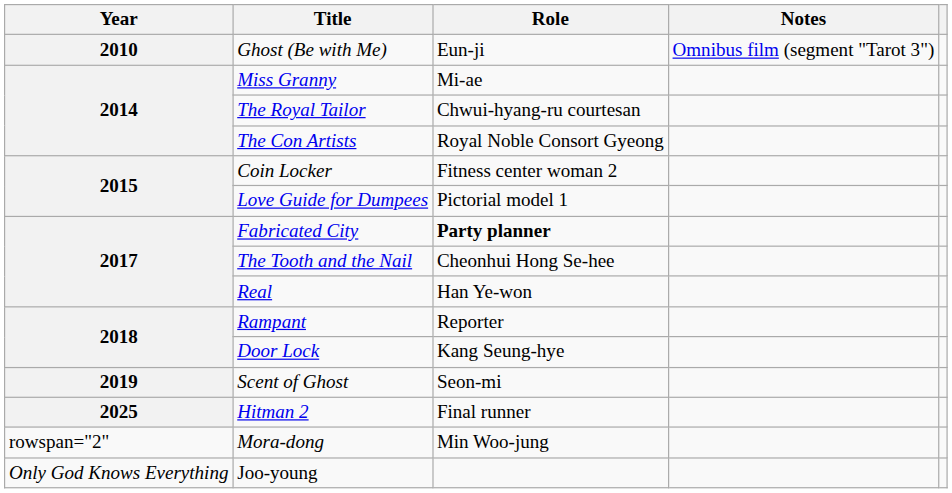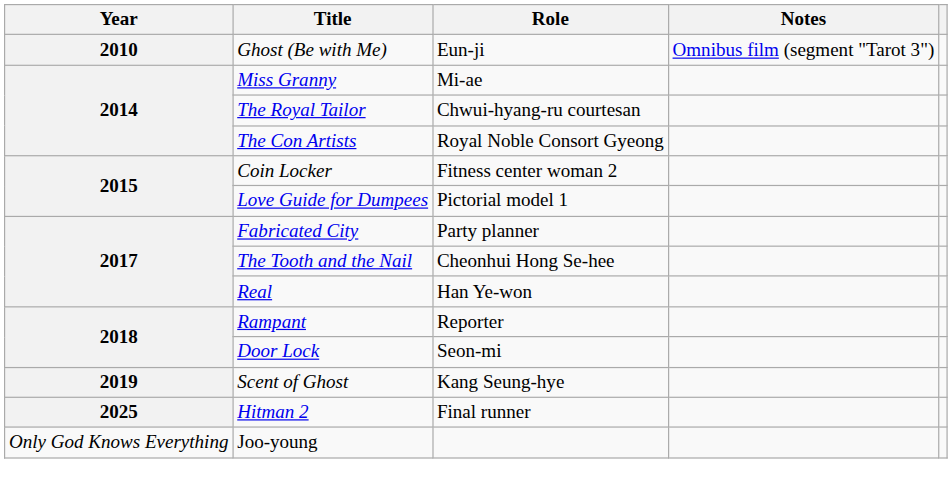 <table class="wikitable plainrowheaders sortable">
 <tr>
 <th scope="col">Year</th>
 <th scope="col">Title</th>
 <th scope="col">Role</th>
 <th scope="col">Notes</th>
 <th scope="col" class="unsortable"></th>
 </tr>
 <tr>
 <th scope="row">2010</th>
 <td><em>Ghost (Be with Me)</em></td>
 <td>Eun-ji</td>
 <td><a href='#'>Omnibus film</a> (segment "Tarot 3")</td>
 <td style="text-align:center"></td>
 </tr>
 <tr>
 <th scope="row" rowspan="3">2014</th>
 <td><em><a href='#'>Miss Granny</a></em></td>
 <td>Mi-ae</td>
 <td></td>
 <td style="text-align:center"></td>
 </tr>
 <tr>
 <td><em><a href='#'>The Royal Tailor</a></em></td>
 <td>Chwui-hyang-ru courtesan</td>
 <td></td>
 <td style="text-align:center"></td>
 </tr>
 <tr>
 <td><em><a href='#'>The Con Artists</a></em></td>
 <td>Royal Noble Consort Gyeong</td>
 <td></td>
 <td style="text-align:center"></td>
 </tr>
 <tr>
 <th scope="row" rowspan="2">2015</th>
 <td><em>Coin Locker</em></td>
 <td>Fitness center woman 2</td>
 <td></td>
 <td style="text-align:center"></td>
 </tr>
 <tr>
 <td><em><a href='#'>Love Guide for Dumpees</a></em></td>
 <td>Pictorial model 1</td>
 <td></td>
 <td style="text-align:center"></td>
 </tr>
 <tr>
 <th scope="row" rowspan="3">2017</th>
 <td><em><a href='#'>Fabricated City</a></em></td>
-<td><strong>Party planner</strong></td>
+<td>Party planner</td>
 <td></td>
 <td style="text-align:center"></td>
 </tr>
 <tr>
 <td><em><a href='#'>The Tooth and the Nail</a></em></td>
 <td>Cheonhui Hong Se-hee</td>
 <td></td>
 <td style="text-align:center"></td>
 </tr>
 <tr>
 <td><em><a href='#'>Real</a></em></td>
 <td>Han Ye-won</td>
 <td></td>
 <td style="text-align:center"></td>
 </tr>
 <tr>
 <th scope="row" rowspan="2">2018</th>
 <td><em><a href='#'>Rampant</a></em></td>
 <td>Reporter</td>
 <td></td>
 <td style="text-align:center"></td>
 </tr>
 <tr>
 <td><em><a href='#'>Door Lock</a></em></td>
-<td>Kang Seung-hye</td>
+<td>Seon-mi</td>
 <td></td>
 <td style="text-align:center"></td>
 </tr>
 <tr>
 <th scope="row">2019</th>
 <td><em>Scent of Ghost</em></td>
-<td>Seon-mi</td>
+<td>Kang Seung-hye</td>
 <td></td>
 <td style="text-align:center"></td>
 </tr>
 <tr>
 <th scope="row">2025</th>
 <td><em><a href='#'>Hitman 2</a></em></td>
 <td>Final runner</td>
 <td></td>
 <td style="text-align:center"></td>
 </tr>
 <tr>
-<td>rowspan="2" </td>
-<td><em>Mora-dong</em></td>
-<td>Min Woo-jung</td>
-<td></td>
-<td style="text-align:center"></td>
-</tr>
-<tr>
 <td><em>Only God Knows Everything</em></td>
 <td>Joo-young</td>
 <td></td>
 <td style="text-align:center"></td>
 </tr>
 </table>
